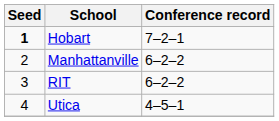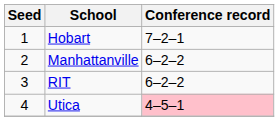 <table class="wikitable">
 <tr>
 <th>Seed</th>
 <th>School</th>
 <th>Conference record</th>
 </tr>
 <tr>
-<td align=center><strong>1</strong></td>
+<td align=center>1</td>
 <td><a href='#'>Hobart</a></td>
 <td>7–2–1</td>
 </tr>
 <tr>
 <td align=center>2</td>
 <td><a href='#'>Manhattanville</a></td>
 <td>6–2–2</td>
 </tr>
 <tr>
 <td align=center>3</td>
 <td><a href='#'>RIT</a></td>
 <td>6–2–2</td>
 </tr>
 <tr>
 <td align=center>4</td>
 <td><a href='#'>Utica</a></td>
-<td>4–5–1</td>
+<td style="background: pink;">4–5–1</td>
 </tr>
 <tr>
 </tr>
 </table>
